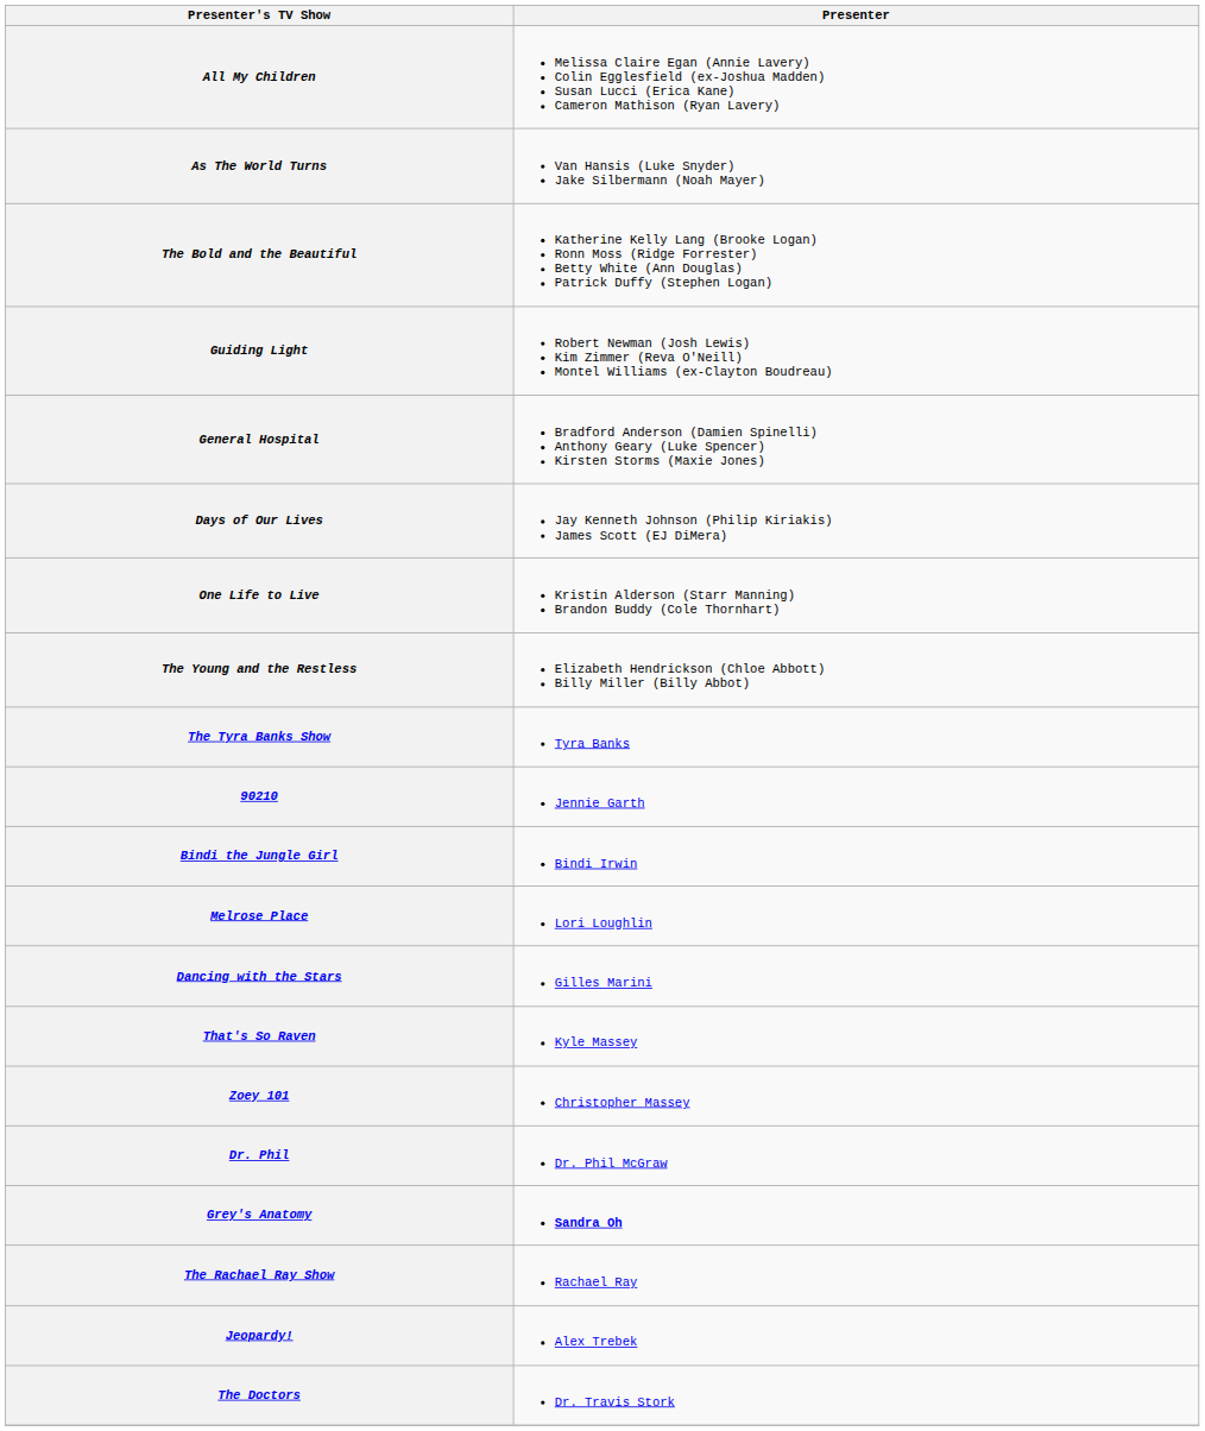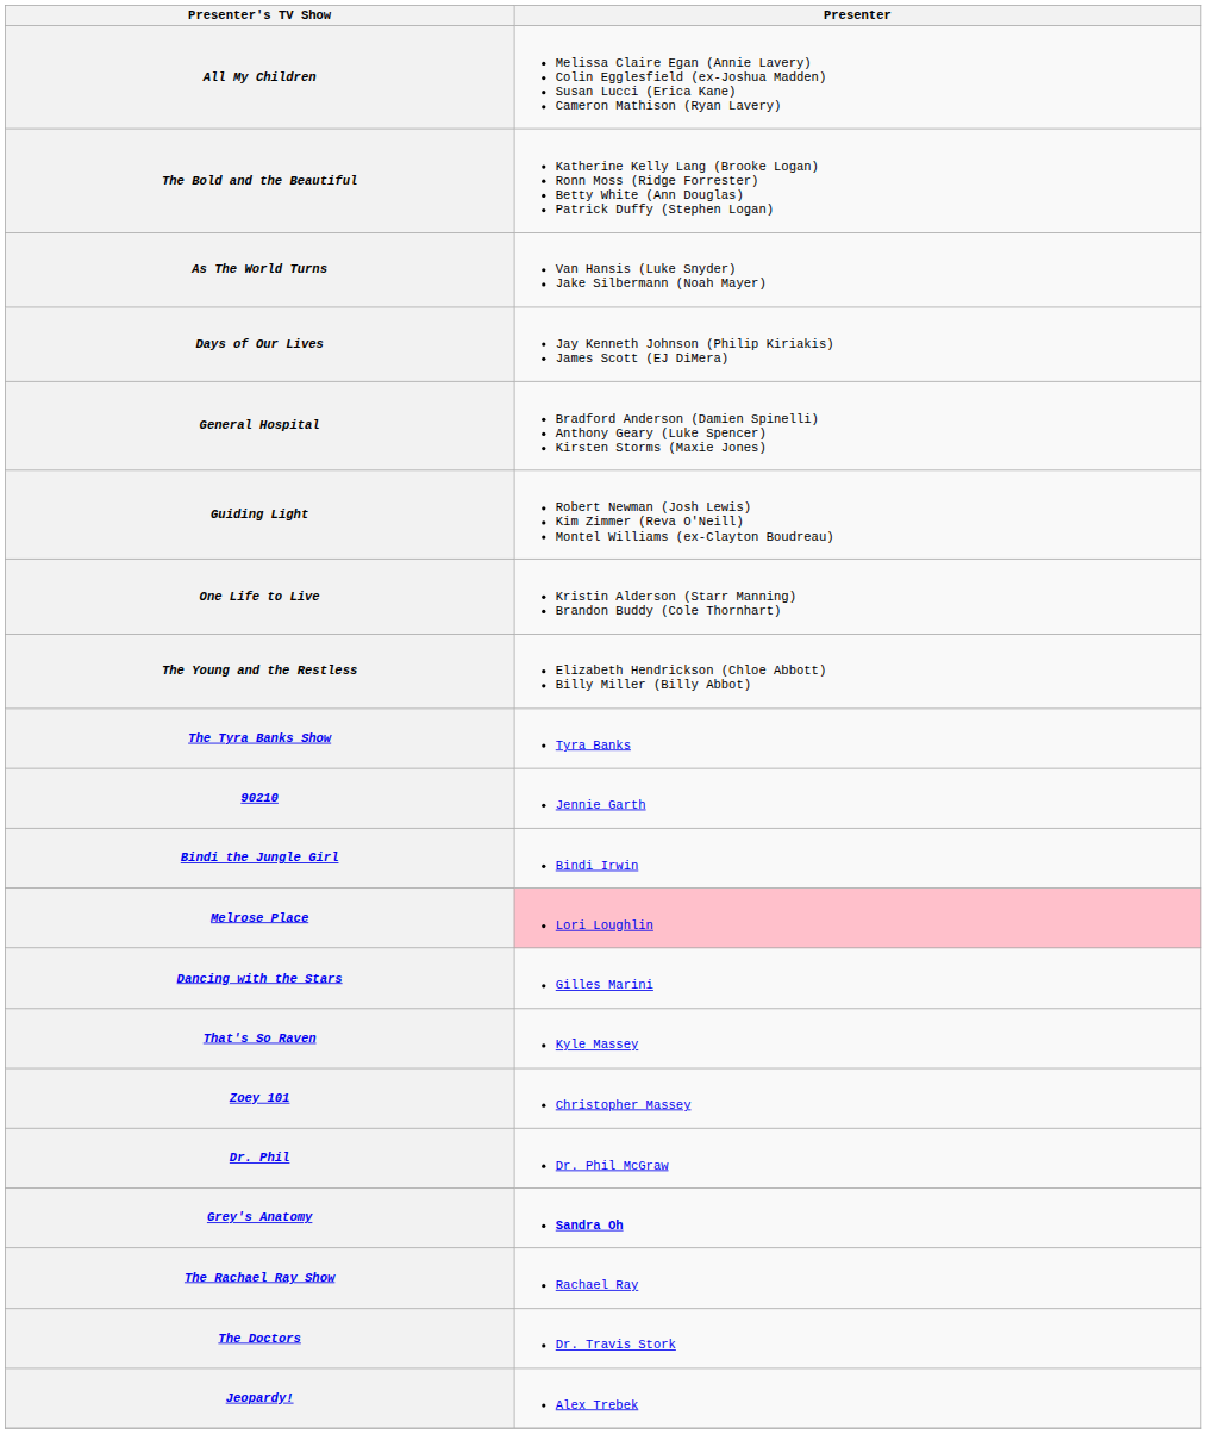 <table class="wikitable sortable">
 <tr>
 <th scope="col"  style="width:20%;">Presenter's TV Show</th>
 <th scope="col" style="width:27%;">Presenter</th>
 </tr>
 <tr>
 <th scope="row" style="width=50%"><em>All My Children</em></th>
 <td><br><ul><li>Melissa Claire Egan (Annie Lavery)</li><li>Colin Egglesfield (ex-Joshua Madden)</li><li>Susan Lucci (Erica Kane)</li><li>Cameron Mathison (Ryan Lavery)</li></ul></td>
 </tr>
 <tr>
+<th scope="row" style="width=50%"><em>The Bold and the Beautiful</em></th>
+<td><br><ul><li>Katherine Kelly Lang (Brooke Logan)</li><li>Ronn Moss (Ridge Forrester)</li><li>Betty White (Ann Douglas)</li><li>Patrick Duffy (Stephen Logan)</li></ul></td>
+</tr>
+<tr>
 <th scope="row" style="width=50%"><em>As The World Turns</em></th>
 <td><br><ul><li>Van Hansis (Luke Snyder)</li><li>Jake Silbermann (Noah Mayer)</li></ul></td>
 </tr>
 <tr>
-<th scope="row" style="width=50%"><em>The Bold and the Beautiful</em></th>
-<td><br><ul><li>Katherine Kelly Lang (Brooke Logan)</li><li>Ronn Moss (Ridge Forrester)</li><li>Betty White (Ann Douglas)</li><li>Patrick Duffy (Stephen Logan)</li></ul></td>
-</tr>
-<tr>
-<th scope="row" style="width=50%"><em>Guiding Light</em></th>
-<td><br><ul><li>Robert Newman (Josh Lewis)</li><li>Kim Zimmer (Reva O'Neill)</li><li>Montel Williams (ex-Clayton Boudreau)</li></ul></td>
+<th scope="row" style="width=50%"><em>Days of Our Lives</em></th>
+<td><br><ul><li>Jay Kenneth Johnson (Philip Kiriakis)</li><li>James Scott (EJ DiMera)</li></ul></td>
 </tr>
 <tr>
 <th scope="row" style="width=50%"><em> General Hospital</em></th>
 <td><br><ul><li>Bradford Anderson (Damien Spinelli)</li><li>Anthony Geary (Luke Spencer)</li><li>Kirsten Storms (Maxie Jones)</li></ul></td>
 </tr>
 <tr>
-<th scope="row" style="width=50%"><em>Days of Our Lives</em></th>
-<td><br><ul><li>Jay Kenneth Johnson (Philip Kiriakis)</li><li>James Scott (EJ DiMera)</li></ul></td>
+<th scope="row" style="width=50%"><em>Guiding Light</em></th>
+<td><br><ul><li>Robert Newman (Josh Lewis)</li><li>Kim Zimmer (Reva O'Neill)</li><li>Montel Williams (ex-Clayton Boudreau)</li></ul></td>
 </tr>
 <tr>
 <th scope="row" style="width=50%"><em>One Life to Live</em></th>
 <td><br><ul><li>Kristin Alderson (Starr Manning)</li><li>Brandon Buddy (Cole Thornhart)</li></ul></td>
 </tr>
 <tr>
 <th scope="row" style="width=50%"><em>The Young and the Restless</em></th>
 <td><br><ul><li>Elizabeth Hendrickson (Chloe Abbott)</li><li>Billy Miller (Billy Abbot)</li></ul></td>
 </tr>
 <tr>
 <th scope="row" style="width=50%"><em><a href='#'>The Tyra Banks Show</a></em></th>
 <td><br><ul><li><a href='#'>Tyra Banks</a></li></ul></td>
 </tr>
 <tr>
 <th scope="row" style="width=50%"><em><a href='#'>90210</a></em></th>
 <td><br><ul><li><a href='#'>Jennie Garth</a></li></ul></td>
 </tr>
 <tr>
 <th scope="row" style="width=50%"><em><a href='#'>Bindi the Jungle Girl</a></em></th>
 <td><br><ul><li><a href='#'>Bindi Irwin</a></li></ul></td>
 </tr>
 <tr>
 <th scope="row" style="width=50%"><em><a href='#'>Melrose Place</a></em></th>
-<td><br><ul><li><a href='#'>Lori Loughlin</a></li></ul></td>
+<td style="background: pink;"><br><ul><li><a href='#'>Lori Loughlin</a></li></ul></td>
 </tr>
 <tr>
 <th scope="row" style="width=50%"><em><a href='#'>Dancing with the Stars</a></em></th>
 <td><br><ul><li><a href='#'>Gilles Marini</a></li></ul></td>
 </tr>
 <tr>
 <th scope="row" style="width=50%"><em><a href='#'>That's So Raven</a></em></th>
 <td><br><ul><li><a href='#'>Kyle Massey</a></li></ul></td>
 </tr>
 <tr>
 <th scope="row" style="width=50%"><em><a href='#'>Zoey 101</a></em></th>
 <td><br><ul><li><a href='#'>Christopher Massey</a></li></ul></td>
 </tr>
 <tr>
 <th scope="row" style="width=50%"><em><a href='#'>Dr. Phil</a></em></th>
 <td><br><ul><li><a href='#'>Dr. Phil McGraw</a></li></ul></td>
 </tr>
 <tr>
 <th scope="row" style="width=50%"><em><a href='#'>Grey's Anatomy</a></em></th>
 <td><strong><br><ul><li><a href='#'>Sandra Oh</a></li></ul></strong></td>
 </tr>
 <tr>
 <th scope="row" style="width=50%"><em><a href='#'>The Rachael Ray Show</a></em></th>
 <td><br><ul><li><a href='#'>Rachael Ray</a></li></ul></td>
 </tr>
 <tr>
+<th scope="row" style="width=50%"><em><a href='#'>The Doctors</a></em></th>
+<td><br><ul><li><a href='#'>Dr. Travis Stork</a></li></ul></td>
+</tr>
+<tr>
 <th scope="row" style="width=50%"><em><a href='#'>Jeopardy!</a></em></th>
 <td><br><ul><li><a href='#'>Alex Trebek</a></li></ul></td>
 </tr>
 <tr>
-<th scope="row" style="width=50%"><em><a href='#'>The Doctors</a></em></th>
-<td><br><ul><li><a href='#'>Dr. Travis Stork</a></li></ul></td>
-</tr>
-<tr>
 </tr>
 </table>
